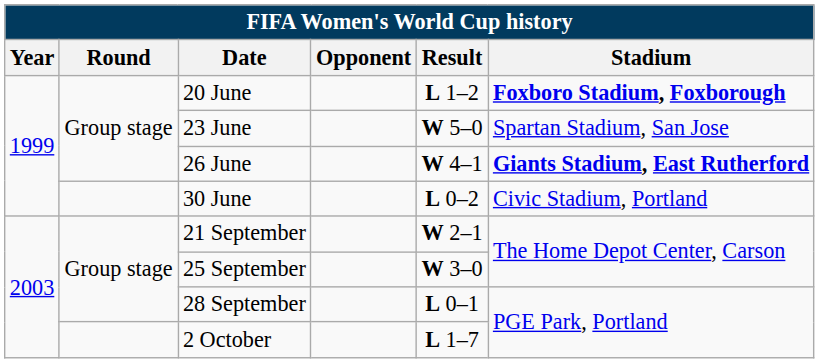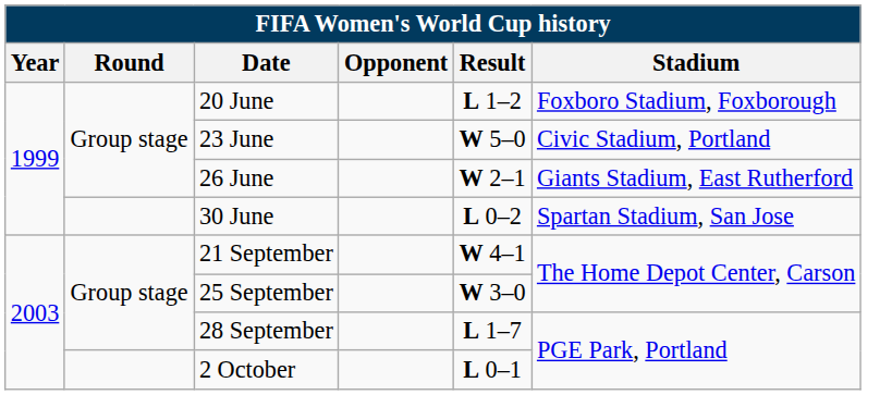 <table class="wikitable" style="text-align: center;font-size:100%;">
 <tr>
 <th colspan=6 style="background: #013A5E; color: #FFFFFF;">FIFA Women's World Cup history</th>
 </tr>
 <tr>
 <th>Year</th>
 <th>Round</th>
 <th>Date</th>
 <th>Opponent</th>
 <th>Result</th>
 <th>Stadium</th>
 </tr>
 <tr>
 <td rowspan=4> <a href='#'>1999</a></td>
 <td rowspan=3>Group stage</td>
 <td align="left">20 June</td>
 <td align="left"></td>
 <td><strong>L</strong> 1–2</td>
-<td align="left"><strong><a href='#'>Foxboro Stadium</a>, <a href='#'>Foxborough</a></strong></td>
+<td align="left"><a href='#'>Foxboro Stadium</a>, <a href='#'>Foxborough</a></td>
 </tr>
 <tr>
 <td align="left">23 June</td>
 <td align="left"></td>
 <td><strong>W</strong> 5–0</td>
-<td align="left"><a href='#'>Spartan Stadium</a>, <a href='#'>San Jose</a></td>
+<td align="left"><a href='#'>Civic Stadium</a>, <a href='#'>Portland</a></td>
 </tr>
 <tr>
 <td align="left">26 June</td>
 <td align="left"></td>
-<td><strong>W</strong> 4–1</td>
-<td align="left"><strong><a href='#'>Giants Stadium</a>, <a href='#'>East Rutherford</a></strong></td>
+<td><strong>W</strong> 2–1</td>
+<td align="left"><a href='#'>Giants Stadium</a>, <a href='#'>East Rutherford</a></td>
 </tr>
 <tr>
 <td></td>
 <td align="left">30 June</td>
 <td align="left"></td>
 <td><strong>L</strong> 0–2</td>
-<td align="left"><a href='#'>Civic Stadium</a>, <a href='#'>Portland</a></td>
+<td align="left"><a href='#'>Spartan Stadium</a>, <a href='#'>San Jose</a></td>
 </tr>
 <tr>
 <td rowspan=4> <a href='#'>2003</a></td>
 <td rowspan=3>Group stage</td>
 <td align="left">21 September</td>
 <td align="left"></td>
-<td><strong>W</strong> 2–1</td>
+<td><strong>W</strong> 4–1</td>
 <td rowspan=2 align="left"><a href='#'>The Home Depot Center</a>, <a href='#'>Carson</a></td>
 </tr>
 <tr>
 <td align="left">25 September</td>
 <td align="left"></td>
 <td><strong>W</strong> 3–0</td>
 </tr>
 <tr>
 <td align="left">28 September</td>
 <td align="left"></td>
-<td><strong>L</strong> 0–1</td>
+<td><strong>L</strong> 1–7</td>
 <td rowspan=2 align="left"><a href='#'>PGE Park</a>, <a href='#'>Portland</a></td>
 </tr>
 <tr>
 <td></td>
 <td align="left">2 October</td>
 <td align="left"></td>
-<td><strong>L</strong> 1–7</td>
+<td><strong>L</strong> 0–1</td>
 </tr>
 </table>
